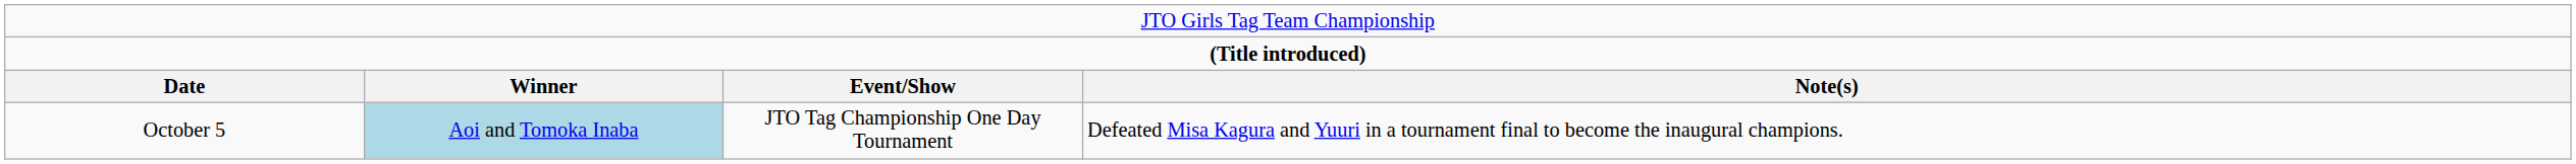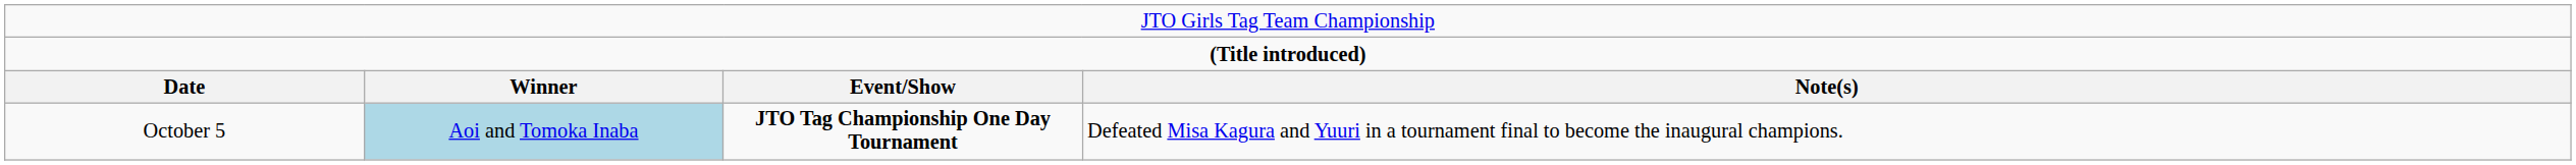 <table class="wikitable" style="text-align:center; width:100%;">
 <tr>
 <td colspan="4" style="text-align: center;"><a href='#'>JTO Girls Tag Team Championship</a></td>
 </tr>
 <tr>
 <td colspan="4" style="text-align: center;"><strong>(Title introduced)</strong></td>
 </tr>
 <tr>
 <th width=14%>Date</th>
 <th width=14%>Winner</th>
 <th width=14%>Event/Show</th>
 <th width=58%>Note(s)</th>
 </tr>
 <tr>
 <td>October 5</td>
 <td style="background: lightblue;"><a href='#'>Aoi</a> and <a href='#'>Tomoka Inaba</a></td>
-<td>JTO Tag Championship One Day Tournament<br></td>
+<td><strong>JTO Tag Championship One Day Tournament<br></strong></td>
 <td align=left>Defeated <a href='#'>Misa Kagura</a> and <a href='#'>Yuuri</a> in a tournament final to become the inaugural champions.</td>
 </tr>
 </table>
